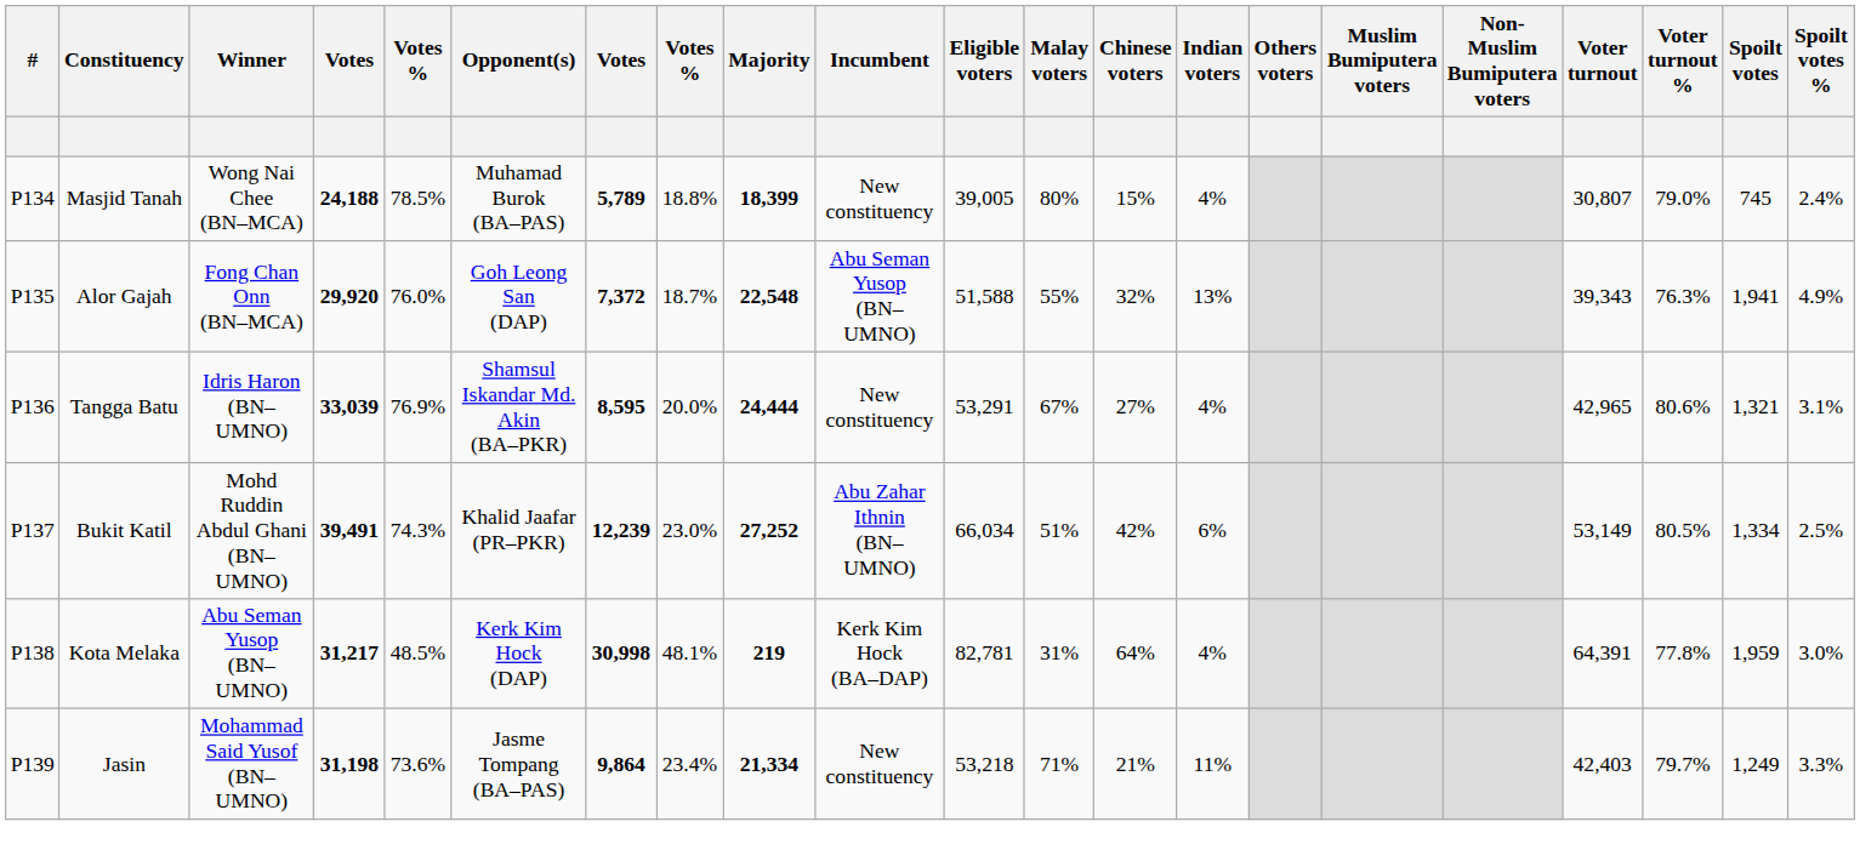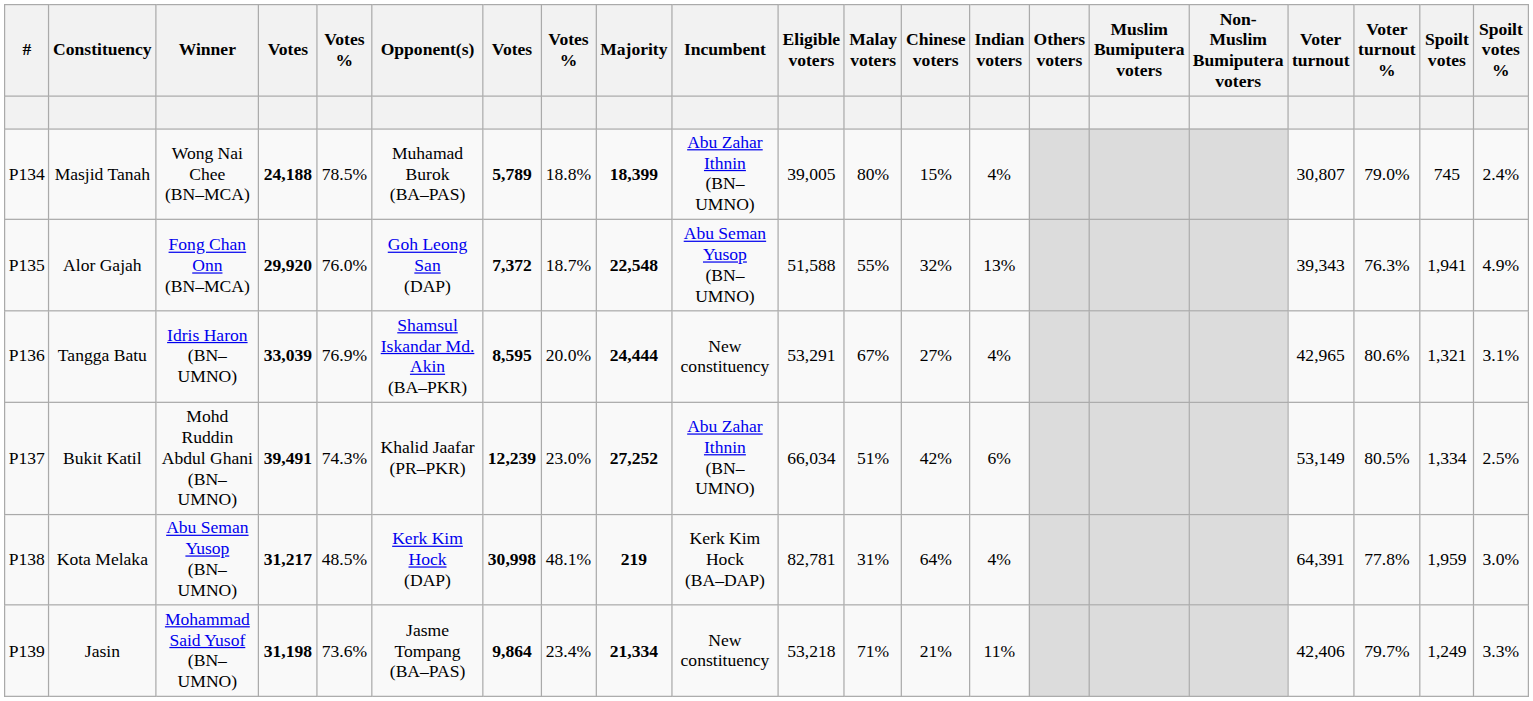 <table class="wikitable sortable" style="text-align:center; font-size:90%">
 <tr>
 <th width="30">#</th>
 <th width="60">Constituency</th>
 <th width="150">Winner</th>
 <th width="50">Votes</th>
 <th width="50">Votes %</th>
 <th width="150">Opponent(s)</th>
 <th width="50">Votes</th>
 <th width="50">Votes %</th>
 <th width="50">Majority</th>
 <th width="150">Incumbent</th>
 <th width="50">Eligible voters</th>
 <th width="50">Malay voters</th>
 <th width="50">Chinese voters</th>
 <th width="50">Indian voters</th>
 <th width="50">Others voters</th>
 <th width="50">Muslim Bumiputera voters</th>
 <th width="50">Non-Muslim Bumiputera voters</th>
 <th width="50">Voter turnout</th>
 <th width="50">Voter turnout %</th>
 <th width="50">Spoilt votes</th>
 <th width="50">Spoilt votes %</th>
 </tr>
 <tr>
 <th height="20"></th>
 <th></th>
 <th></th>
 <th></th>
 <th></th>
 <th></th>
 <th></th>
 <th></th>
 <th></th>
 <th></th>
 <th></th>
 <th></th>
 <th></th>
 <th></th>
 <th></th>
 <th></th>
 <th></th>
 <th></th>
 <th></th>
 <th></th>
 <th></th>
 </tr>
 <tr>
 <td>P134</td>
 <td>Masjid Tanah</td>
 <td>Wong Nai Chee<br>(BN–MCA)</td>
 <td><strong>24,188</strong></td>
 <td>78.5%</td>
 <td>Muhamad Burok<br>(BA–PAS)</td>
 <td><strong>5,789</strong></td>
 <td>18.8%</td>
 <td><strong>18,399</strong></td>
-<td>New constituency</td>
+<td><a href='#'>Abu Zahar Ithnin</a><br>(BN–UMNO)</td>
 <td>39,005</td>
 <td>80%</td>
 <td>15%</td>
 <td>4%</td>
 <td bgcolor="dcdcdc"></td>
 <td bgcolor="dcdcdc"></td>
 <td bgcolor="dcdcdc"></td>
 <td>30,807</td>
 <td>79.0%</td>
 <td>745</td>
 <td>2.4%</td>
 </tr>
 <tr>
 <td>P135</td>
 <td>Alor Gajah</td>
 <td><a href='#'>Fong Chan Onn</a><br>(BN–MCA)</td>
 <td><strong>29,920</strong></td>
 <td>76.0%</td>
 <td><a href='#'>Goh Leong San</a><br>(DAP)</td>
 <td><strong>7,372</strong></td>
 <td>18.7%</td>
 <td><strong>22,548</strong></td>
 <td><a href='#'>Abu Seman Yusop</a><br>(BN–UMNO)</td>
 <td>51,588</td>
 <td>55%</td>
 <td>32%</td>
 <td>13%</td>
 <td bgcolor="dcdcdc"></td>
 <td bgcolor="dcdcdc"></td>
 <td bgcolor="dcdcdc"></td>
 <td>39,343</td>
 <td>76.3%</td>
 <td>1,941</td>
 <td>4.9%</td>
 </tr>
 <tr>
 <td>P136</td>
 <td>Tangga Batu</td>
 <td><a href='#'>Idris Haron</a><br>(BN–UMNO)</td>
 <td><strong>33,039</strong></td>
 <td>76.9%</td>
 <td><a href='#'>Shamsul Iskandar Md. Akin</a><br>(BA–PKR)</td>
 <td><strong>8,595</strong></td>
 <td>20.0%</td>
 <td><strong>24,444</strong></td>
 <td>New constituency</td>
 <td>53,291</td>
 <td>67%</td>
 <td>27%</td>
 <td>4%</td>
 <td bgcolor="dcdcdc"></td>
 <td bgcolor="dcdcdc"></td>
 <td bgcolor="dcdcdc"></td>
 <td>42,965</td>
 <td>80.6%</td>
 <td>1,321</td>
 <td>3.1%</td>
 </tr>
 <tr>
 <td>P137</td>
 <td>Bukit Katil</td>
 <td>Mohd Ruddin Abdul Ghani<br>(BN–UMNO)</td>
 <td><strong>39,491</strong></td>
 <td>74.3%</td>
 <td>Khalid Jaafar<br>(PR–PKR)</td>
 <td><strong>12,239</strong></td>
 <td>23.0%</td>
 <td><strong>27,252</strong></td>
 <td><a href='#'>Abu Zahar Ithnin</a><br>(BN–UMNO)</td>
 <td>66,034</td>
 <td>51%</td>
 <td>42%</td>
 <td>6%</td>
 <td bgcolor="dcdcdc"></td>
 <td bgcolor="dcdcdc"></td>
 <td bgcolor="dcdcdc"></td>
 <td>53,149</td>
 <td>80.5%</td>
 <td>1,334</td>
 <td>2.5%</td>
 </tr>
 <tr>
 <td>P138</td>
 <td>Kota Melaka</td>
 <td><a href='#'>Abu Seman Yusop</a><br>(BN–UMNO)</td>
 <td><strong>31,217</strong></td>
 <td>48.5%</td>
 <td><a href='#'>Kerk Kim Hock</a><br>(DAP)</td>
 <td><strong>30,998</strong></td>
 <td>48.1%</td>
 <td><strong>219</strong></td>
 <td>Kerk Kim Hock<br>(BA–DAP)</td>
 <td>82,781</td>
 <td>31%</td>
 <td>64%</td>
 <td>4%</td>
 <td bgcolor="dcdcdc"></td>
 <td bgcolor="dcdcdc"></td>
 <td bgcolor="dcdcdc"></td>
 <td>64,391</td>
 <td>77.8%</td>
 <td>1,959</td>
 <td>3.0%</td>
 </tr>
 <tr>
 <td>P139</td>
 <td>Jasin</td>
 <td><a href='#'>Mohammad Said Yusof</a><br>(BN–UMNO)</td>
 <td><strong>31,198</strong></td>
 <td>73.6%</td>
 <td>Jasme Tompang<br>(BA–PAS)</td>
 <td><strong>9,864</strong></td>
 <td>23.4%</td>
 <td><strong>21,334</strong></td>
 <td>New constituency</td>
 <td>53,218</td>
 <td>71%</td>
 <td>21%</td>
 <td>11%</td>
 <td bgcolor="dcdcdc"></td>
 <td bgcolor="dcdcdc"></td>
 <td bgcolor="dcdcdc"></td>
-<td>42,403</td>
+<td>42,406</td>
 <td>79.7%</td>
 <td>1,249</td>
 <td>3.3%</td>
 </tr>
 </table>
